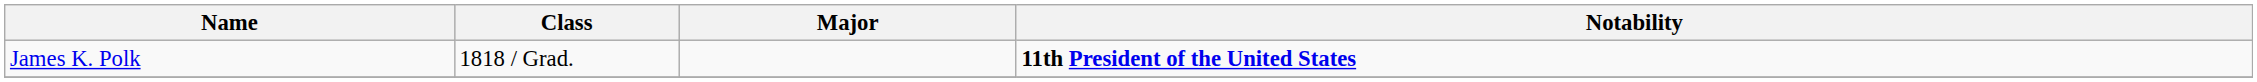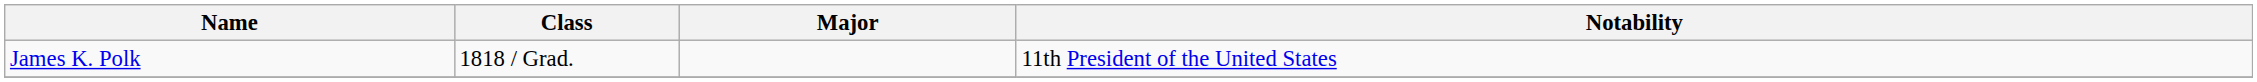 <table class="wikitable" width="100%">
 <tr>
 <th width="20%">Name</th>
 <th width="10%">Class</th>
 <th width="15%">Major</th>
 <th width="55%">Notability</th>
 </tr>
 <tr>
 <td><a href='#'>James K. Polk</a></td>
 <td>1818 / Grad.</td>
 <td></td>
-<td><strong>11th <a href='#'>President of the United States</a></strong></td>
+<td>11th <a href='#'>President of the United States</a></td>
 </tr>
 <tr>
 </tr>
 </table>
